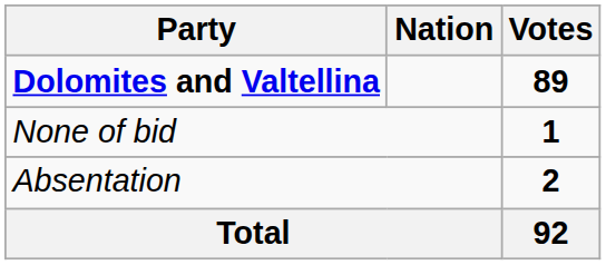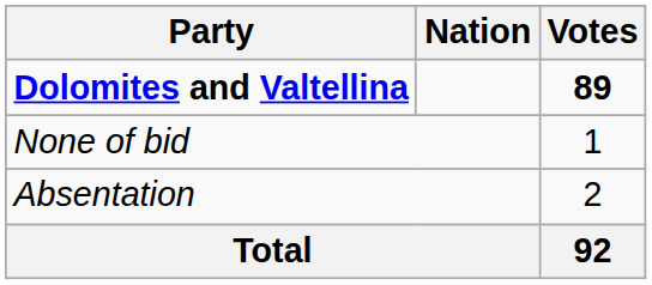 <table class="wikitable">
 <tr>
 <th>Party</th>
 <th>Nation</th>
 <th>Votes</th>
 </tr>
 <tr>
 <td><strong><a href='#'>Dolomites</a> and <a href='#'>Valtellina</a></strong></td>
 <td><strong></strong></td>
 <td align=center><strong>89</strong></td>
 </tr>
 <tr>
 <td colspan=2><em>None of bid</em></td>
-<td align=center><strong>1</strong></td>
+<td align=center>1</td>
 </tr>
 <tr>
 <td colspan=2><em>Absentation</em></td>
-<td align=center><strong>2</strong></td>
+<td align=center>2</td>
 </tr>
 <tr>
 <th colspan=2>Total</th>
 <th align=center>92</th>
 </tr>
 </table>
